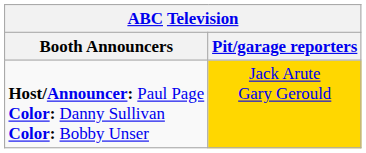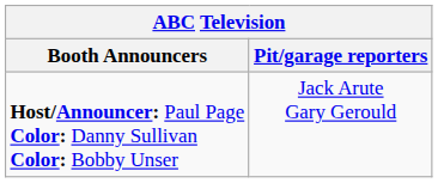 <table class="wikitable" style="font-size: 95%">
 <tr>
 <th colspan=2><a href='#'>ABC</a> <a href='#'>Television</a></th>
 </tr>
 <tr>
 <th>Booth Announcers</th>
 <th><a href='#'>Pit/garage reporters</a></th>
 </tr>
 <tr>
 <td valign="top"><br><strong>Host/<a href='#'>Announcer</a>:</strong> <a href='#'>Paul Page</a><br> <strong><a href='#'>Color</a>:</strong> <a href='#'>Danny Sullivan</a><br> <strong><a href='#'>Color</a>:</strong> <a href='#'>Bobby Unser</a><br></td>
-<td align="center" valign="top" style="background: gold;"><a href='#'>Jack Arute</a><br><a href='#'>Gary Gerould</a></td>
+<td align="center" valign="top"><a href='#'>Jack Arute</a><br><a href='#'>Gary Gerould</a></td>
 </tr>
 </table>
